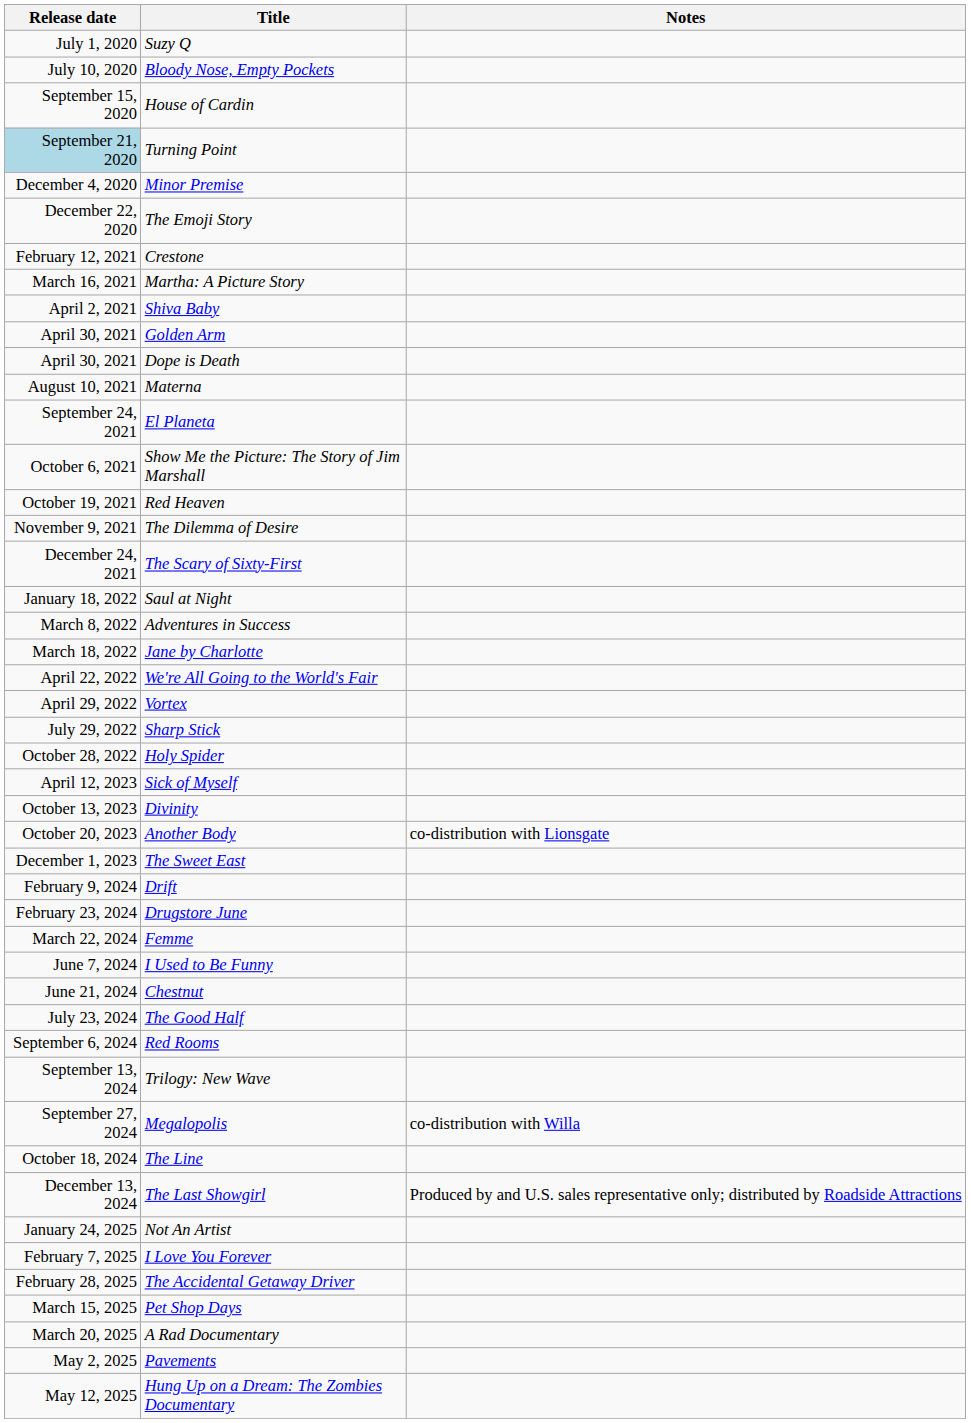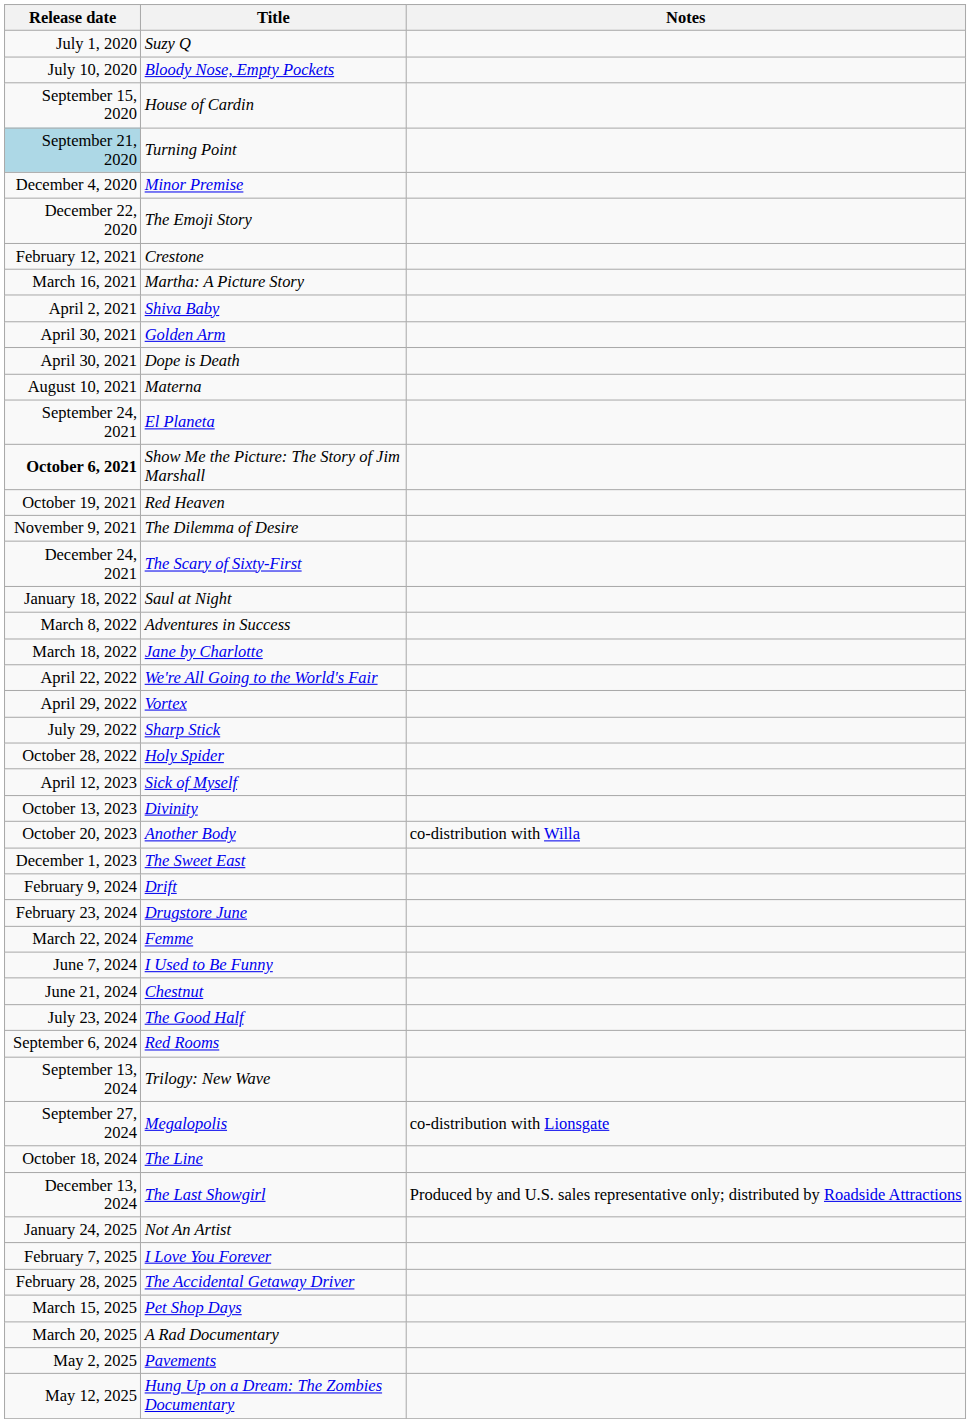 <table class="wikitable sortable">
 <tr>
 <th style="width:125px;">Release date</th>
 <th style="width:250px;">Title</th>
 <th>Notes</th>
 </tr>
 <tr>
 <td style="text-align:right;">July 1, 2020</td>
 <td><em>Suzy Q</em></td>
 <td></td>
 </tr>
 <tr>
 <td style="text-align:right;">July 10, 2020</td>
 <td><em><a href='#'>Bloody Nose, Empty Pockets</a></em></td>
 <td></td>
 </tr>
 <tr>
 <td style="text-align:right;">September 15, 2020</td>
 <td><em>House of Cardin</em></td>
 <td></td>
 </tr>
 <tr>
 <td style="background: lightblue; text-align:right;">September 21, 2020</td>
 <td><em>Turning Point</em></td>
 <td></td>
 </tr>
 <tr>
 <td style="text-align:right;">December 4, 2020</td>
 <td><em><a href='#'>Minor Premise</a></em></td>
 <td></td>
 </tr>
 <tr>
 <td style="text-align:right;">December 22, 2020</td>
 <td><em>The Emoji Story</em></td>
 <td></td>
 </tr>
 <tr>
 <td style="text-align:right;">February 12, 2021</td>
 <td><em>Crestone</em></td>
 <td></td>
 </tr>
 <tr>
 <td style="text-align:right;">March 16, 2021</td>
 <td><em>Martha: A Picture Story</em></td>
 <td></td>
 </tr>
 <tr>
 <td style="text-align:right;">April 2, 2021</td>
 <td><em><a href='#'>Shiva Baby</a></em></td>
 <td></td>
 </tr>
 <tr>
 <td style="text-align:right;">April 30, 2021</td>
 <td><em><a href='#'>Golden Arm</a></em></td>
 <td></td>
 </tr>
 <tr>
 <td style="text-align:right;">April 30, 2021</td>
 <td><em>Dope is Death</em></td>
 <td></td>
 </tr>
 <tr>
 <td style="text-align:right;">August 10, 2021</td>
 <td><em>Materna</em></td>
 <td></td>
 </tr>
 <tr>
 <td style="text-align:right;">September 24, 2021</td>
 <td><em><a href='#'>El Planeta</a></em></td>
 <td></td>
 </tr>
 <tr>
-<td style="text-align:right;">October 6, 2021</td>
+<td style="text-align:right;"><strong>October 6, 2021</strong></td>
 <td><em>Show Me the Picture: The Story of Jim Marshall</em></td>
 <td></td>
 </tr>
 <tr>
 <td style="text-align:right;">October 19, 2021</td>
 <td><em>Red Heaven</em></td>
 <td></td>
 </tr>
 <tr>
 <td style="text-align:right;">November 9, 2021</td>
 <td><em>The Dilemma of Desire</em></td>
 <td></td>
 </tr>
 <tr>
 <td style="text-align:right;">December 24, 2021</td>
 <td><em><a href='#'>The Scary of Sixty-First</a></em></td>
 <td></td>
 </tr>
 <tr>
 <td style="text-align:right;">January 18, 2022</td>
 <td><em>Saul at Night</em></td>
 <td></td>
 </tr>
 <tr>
 <td style="text-align:right;">March 8, 2022</td>
 <td><em>Adventures in Success</em></td>
 <td></td>
 </tr>
 <tr>
 <td style="text-align:right;">March 18, 2022</td>
 <td><em><a href='#'>Jane by Charlotte</a></em></td>
 <td></td>
 </tr>
 <tr>
 <td style="text-align:right;">April 22, 2022</td>
 <td><em><a href='#'>We're All Going to the World's Fair</a></em></td>
 <td></td>
 </tr>
 <tr>
 <td style="text-align:right;">April 29, 2022</td>
 <td><em><a href='#'>Vortex</a></em></td>
 <td></td>
 </tr>
 <tr>
 <td style="text-align:right;">July 29, 2022</td>
 <td><em><a href='#'>Sharp Stick</a></em></td>
 <td></td>
 </tr>
 <tr>
 <td style="text-align:right;">October 28, 2022</td>
 <td><em><a href='#'>Holy Spider</a></em></td>
 <td></td>
 </tr>
 <tr>
 <td style="text-align:right;">April 12, 2023</td>
 <td><em><a href='#'>Sick of Myself</a></em></td>
 <td></td>
 </tr>
 <tr>
 <td style="text-align:right;">October 13, 2023</td>
 <td><em><a href='#'>Divinity</a></em></td>
 <td></td>
 </tr>
 <tr>
 <td style="text-align:right;">October 20, 2023</td>
 <td><em><a href='#'>Another Body</a></em></td>
-<td>co-distribution with <a href='#'>Lionsgate</a></td>
+<td>co-distribution with <a href='#'>Willa</a></td>
 </tr>
 <tr>
 <td style="text-align:right;">December 1, 2023</td>
 <td><em><a href='#'>The Sweet East</a></em></td>
 <td></td>
 </tr>
 <tr>
 <td style="text-align:right;">February 9, 2024</td>
 <td><em><a href='#'>Drift</a></em></td>
 <td></td>
 </tr>
 <tr>
 <td style="text-align:right;">February 23, 2024</td>
 <td><em><a href='#'>Drugstore June</a></em></td>
 <td></td>
 </tr>
 <tr>
 <td style="text-align:right;">March 22, 2024</td>
 <td><em><a href='#'>Femme</a></em></td>
 <td></td>
 </tr>
 <tr>
 <td style="text-align:right;">June 7, 2024</td>
 <td><em><a href='#'>I Used to Be Funny</a></em></td>
 <td></td>
 </tr>
 <tr>
 <td style="text-align:right;">June 21, 2024</td>
 <td><em><a href='#'>Chestnut</a></em></td>
 <td></td>
 </tr>
 <tr>
 <td style="text-align:right;">July 23, 2024</td>
 <td><em><a href='#'>The Good Half</a></em></td>
 <td></td>
 </tr>
 <tr>
 <td style="text-align:right;">September 6, 2024</td>
 <td><em><a href='#'>Red Rooms</a></em></td>
 <td></td>
 </tr>
 <tr>
 <td style="text-align:right;">September 13, 2024</td>
 <td><em>Trilogy: New Wave</em></td>
 <td></td>
 </tr>
 <tr>
 <td style="text-align:right;">September 27, 2024</td>
 <td><em><a href='#'>Megalopolis</a></em></td>
-<td>co-distribution with <a href='#'>Willa</a></td>
+<td>co-distribution with <a href='#'>Lionsgate</a></td>
 </tr>
 <tr>
 <td style="text-align:right;">October 18, 2024</td>
 <td><em><a href='#'>The Line</a></em></td>
 <td></td>
 </tr>
 <tr>
 <td style="text-align:right;">December 13, 2024</td>
 <td><em><a href='#'>The Last Showgirl</a></em></td>
 <td>Produced by and U.S. sales representative only; distributed by <a href='#'>Roadside Attractions</a></td>
 </tr>
 <tr>
 <td style="text-align:right;">January 24, 2025</td>
 <td><em>Not An Artist</em></td>
 <td></td>
 </tr>
 <tr>
 <td style="text-align:right;">February 7, 2025</td>
 <td><em><a href='#'>I Love You Forever</a></em></td>
 <td></td>
 </tr>
 <tr>
 <td style="text-align:right;">February 28, 2025</td>
 <td><em><a href='#'>The Accidental Getaway Driver</a></em></td>
 <td></td>
 </tr>
 <tr>
 <td style="text-align:right;">March 15, 2025</td>
 <td><em><a href='#'>Pet Shop Days</a></em></td>
 <td></td>
 </tr>
 <tr>
 <td style="text-align:right;">March 20, 2025</td>
 <td><em>A Rad Documentary</em></td>
 <td></td>
 </tr>
 <tr>
 <td style="text-align:right;">May 2, 2025</td>
 <td><em><a href='#'>Pavements</a></em></td>
 <td></td>
 </tr>
 <tr>
 <td style="text-align:right;">May 12, 2025</td>
 <td><em><a href='#'>Hung Up on a Dream: The Zombies Documentary</a></em></td>
 <td></td>
 </tr>
 </table>
